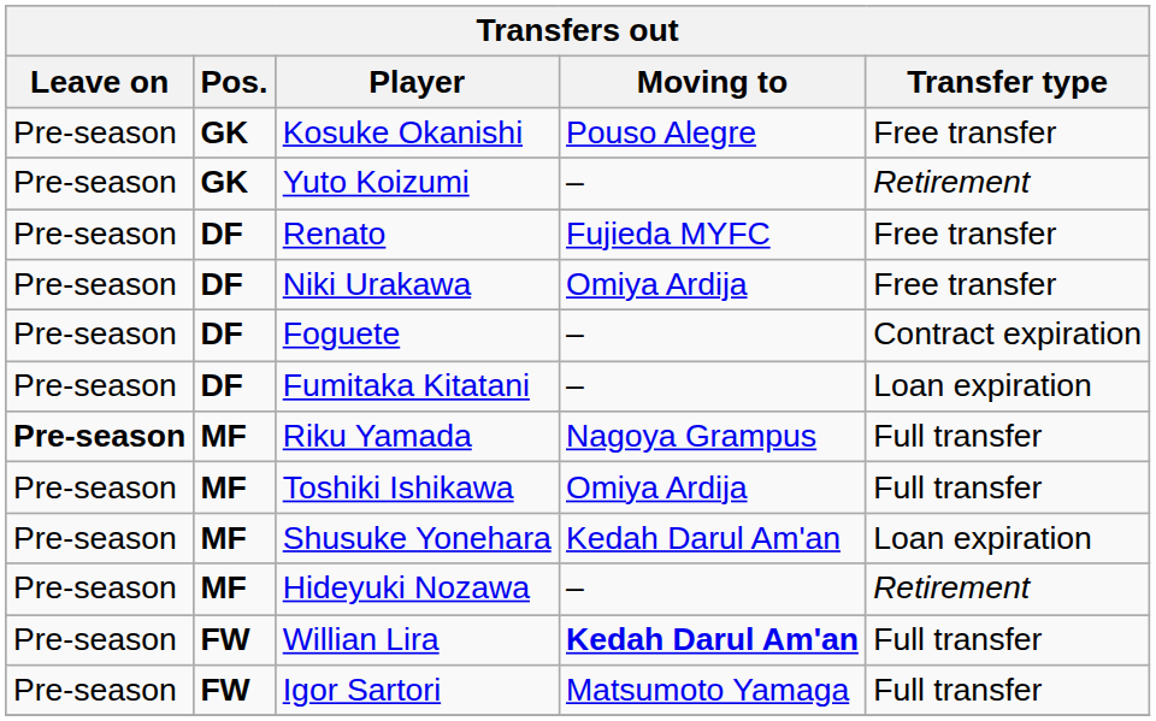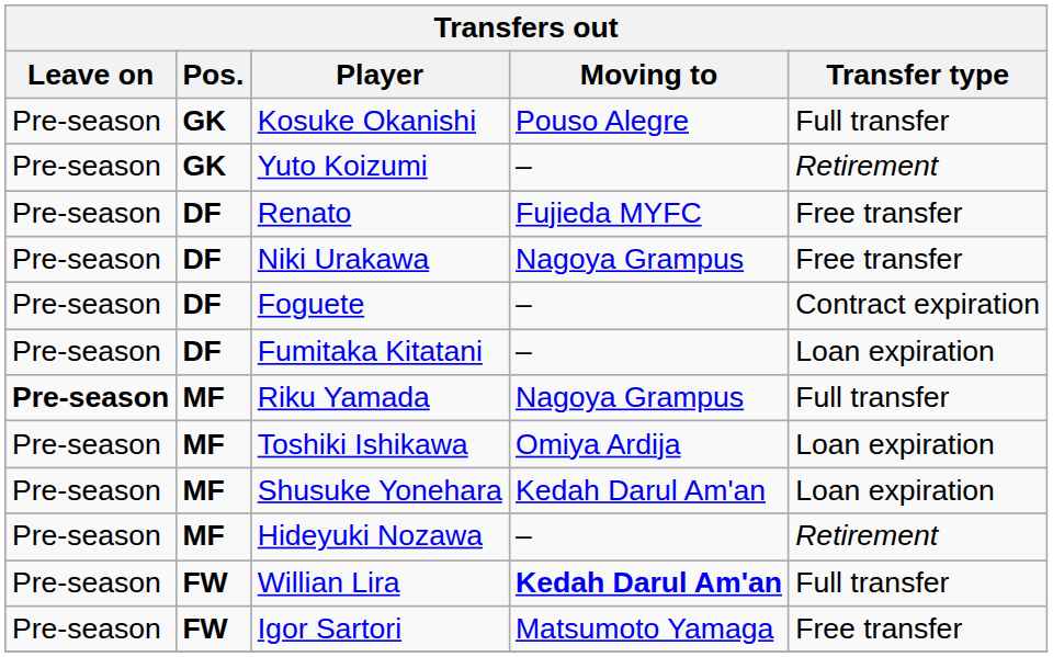 <table class="wikitable sortable" style=“text-align:left;>
 <tr>
 <th colspan="5">Transfers out</th>
 </tr>
 <tr>
 <th>Leave on</th>
 <th>Pos.</th>
 <th>Player</th>
 <th>Moving to</th>
 <th>Transfer type</th>
 </tr>
 <tr>
 <td>Pre-season</td>
 <td><strong>GK</strong></td>
 <td> <a href='#'>Kosuke Okanishi</a></td>
 <td> <a href='#'>Pouso Alegre</a></td>
-<td>Free transfer</td>
+<td>Full transfer</td>
 </tr>
 <tr>
 <td>Pre-season</td>
 <td><strong>GK</strong></td>
 <td> <a href='#'>Yuto Koizumi</a></td>
 <td>–</td>
 <td><em>Retirement</em></td>
 </tr>
 <tr>
 <td>Pre-season</td>
 <td><strong>DF</strong></td>
 <td> <a href='#'>Renato</a></td>
 <td> <a href='#'>Fujieda MYFC</a></td>
 <td>Free transfer</td>
 </tr>
 <tr>
 <td>Pre-season</td>
 <td><strong>DF</strong></td>
 <td> <a href='#'>Niki Urakawa</a></td>
-<td> <a href='#'>Omiya Ardija</a></td>
+<td> <a href='#'>Nagoya Grampus</a></td>
 <td>Free transfer</td>
 </tr>
 <tr>
 <td>Pre-season</td>
 <td><strong>DF</strong></td>
 <td> <a href='#'>Foguete</a></td>
 <td>–</td>
 <td>Contract expiration</td>
 </tr>
 <tr>
 <td>Pre-season</td>
 <td><strong>DF</strong></td>
 <td> <a href='#'>Fumitaka Kitatani</a></td>
 <td>–</td>
 <td>Loan expiration</td>
 </tr>
 <tr>
 <td><strong>Pre-season</strong></td>
 <td><strong>MF</strong></td>
 <td> <a href='#'>Riku Yamada</a></td>
 <td> <a href='#'>Nagoya Grampus</a></td>
 <td>Full transfer</td>
 </tr>
 <tr>
 <td>Pre-season</td>
 <td><strong>MF</strong></td>
 <td> <a href='#'>Toshiki Ishikawa</a></td>
 <td> <a href='#'>Omiya Ardija</a></td>
-<td>Full transfer</td>
+<td>Loan expiration</td>
 </tr>
 <tr>
 <td>Pre-season</td>
 <td><strong>MF</strong></td>
 <td> <a href='#'>Shusuke Yonehara</a></td>
 <td> <a href='#'>Kedah Darul Am'an</a></td>
 <td>Loan expiration</td>
 </tr>
 <tr>
 <td>Pre-season</td>
 <td><strong>MF</strong></td>
 <td> <a href='#'>Hideyuki Nozawa</a></td>
 <td>–</td>
 <td><em>Retirement</em></td>
 </tr>
 <tr>
 <td>Pre-season</td>
 <td><strong>FW</strong></td>
 <td> <a href='#'>Willian Lira</a></td>
 <td><strong> <a href='#'>Kedah Darul Am'an</a></strong></td>
 <td>Full transfer</td>
 </tr>
 <tr>
 <td>Pre-season</td>
 <td><strong>FW</strong></td>
 <td> <a href='#'>Igor Sartori</a></td>
 <td> <a href='#'>Matsumoto Yamaga</a></td>
-<td>Full transfer</td>
+<td>Free transfer</td>
 </tr>
 <tr>
 </tr>
 </table>
